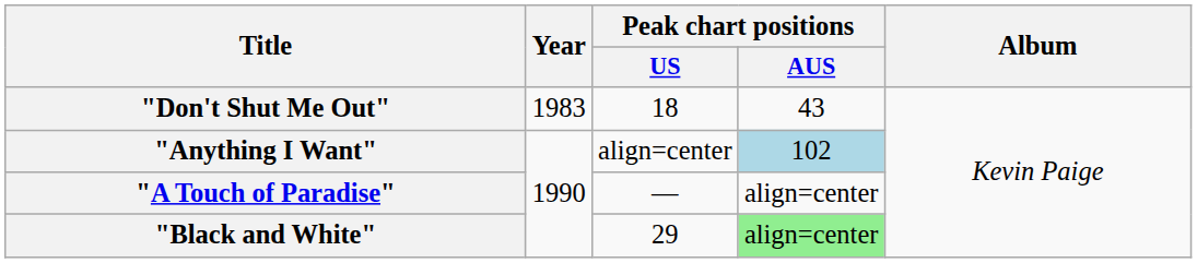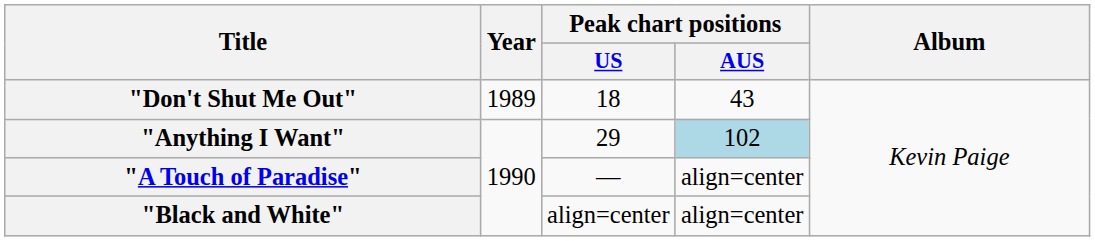 <table class="wikitable plainrowheaders" style="text-align:center;" border="1">
 <tr>
 <th scope="col" rowspan="2" style="width:19em;">Title</th>
 <th scope="col" rowspan="2" style="width:1em;">Year</th>
 <th scope="col" colspan="2">Peak chart positions</th>
 <th scope="col" rowspan="2" style="width:11em;">Album</th>
 </tr>
 <tr>
 <th scope="col" style="width:3em;font-size:90%;"><a href='#'>US</a><br></th>
 <th scope="col" style="width:3em;font-size:90%;"><a href='#'>AUS</a><br></th>
 </tr>
 <tr>
 <th scope="row">"Don't Shut Me Out"</th>
-<td>1983</td>
+<td>1989</td>
 <td align=center>18</td>
 <td align=center>43</td>
 <td rowspan="4"><em>Kevin Paige</em></td>
 </tr>
 <tr>
 <th scope="row">"Anything I Want"</th>
 <td rowspan="3">1990</td>
-<td>align=center </td>
+<td align=center>29</td>
 <td align=center style="background: lightblue;">102</td>
 </tr>
 <tr>
 <th scope="row">"<a href='#'>A Touch of Paradise</a>"</th>
 <td align=center>—</td>
 <td>align=center </td>
 </tr>
 <tr>
 <th scope="row">"Black and White"</th>
-<td align=center>29</td>
-<td style="background: lightgreen;">align=center </td>
+<td>align=center </td>
+<td>align=center </td>
 </tr>
 </table>
